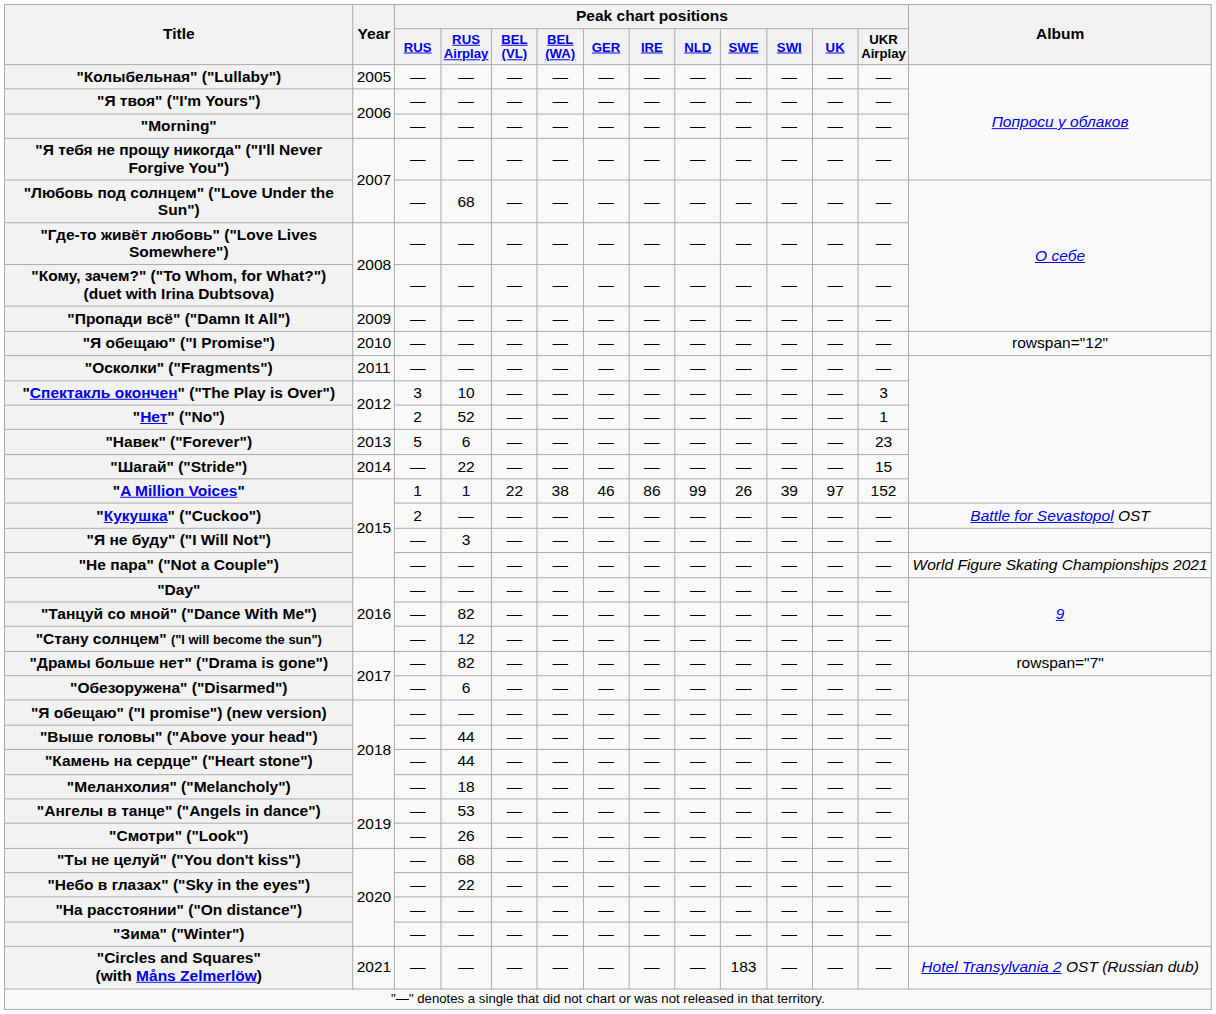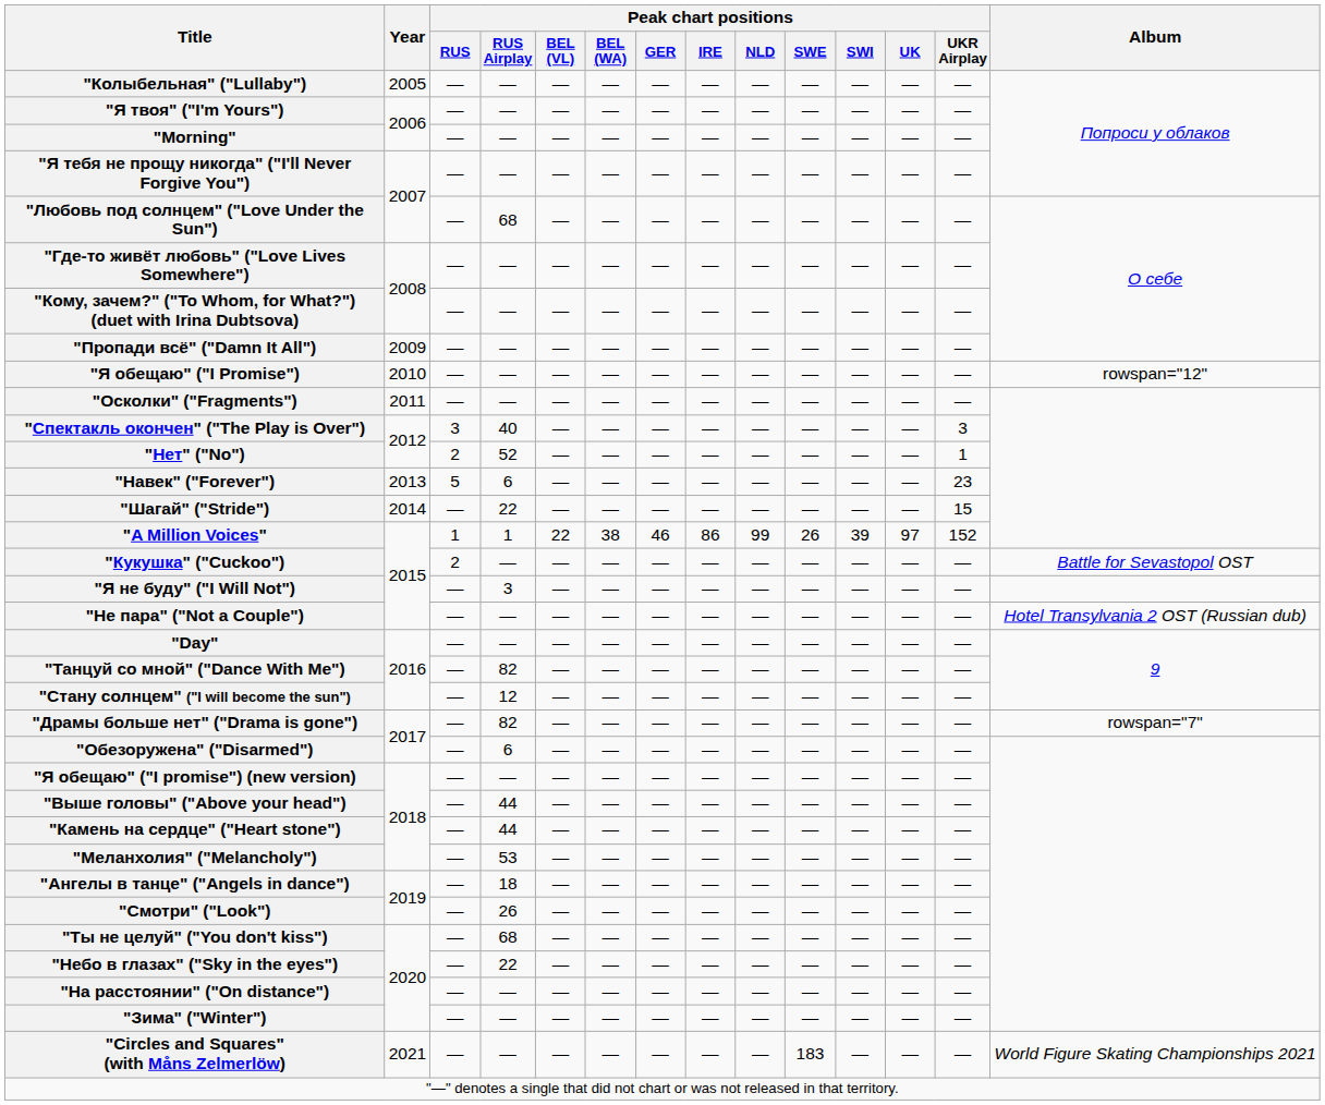 <table class="wikitable plainrowheaders" style="text-align:center;">
 <tr>
 <th scope="col" rowspan="2" style="width:22em;">Title</th>
 <th scope="col" rowspan="2" style="width:1em;">Year</th>
 <th scope="col" colspan="11">Peak chart positions</th>
 <th scope="col" rowspan="2">Album</th>
 </tr>
 <tr>
 <th scope="col" style="width:3em;font-size:85%;"><a href='#'>RUS</a></th>
 <th scope="col" style="width:3em;font-size:85%;"><a href='#'>RUS Airplay</a><br></th>
 <th scope="col" style="width:3em;font-size:85%;"><a href='#'>BEL<br>(VL)</a><br></th>
 <th scope="col" style="width:3em;font-size:85%;"><a href='#'>BEL<br>(WA)</a><br></th>
 <th scope="col" style="width:3em;font-size:85%;"><a href='#'>GER</a><br></th>
 <th scope="col" style="width:3em;font-size:85%;"><a href='#'>IRE</a><br></th>
 <th scope="col" style="width:3em;font-size:85%;"><a href='#'>NLD</a><br></th>
 <th scope="col" style="width:3em;font-size:85%;"><a href='#'>SWE</a><br></th>
 <th scope="col" style="width:3em;font-size:85%;"><a href='#'>SWI</a><br></th>
 <th scope="col" style="width:3em;font-size:85%;"><a href='#'>UK</a><br></th>
 <th scope="col" style="width:3em;font-size:85%;">UKR Airplay<br></th>
 </tr>
 <tr>
 <th scope="row">"Колыбельная" <span>("Lullaby")</span></th>
 <td>2005</td>
 <td>—</td>
 <td>—</td>
 <td>—</td>
 <td>—</td>
 <td>—</td>
 <td>—</td>
 <td>—</td>
 <td>—</td>
 <td>—</td>
 <td>—</td>
 <td>—</td>
 <td rowspan="4"><em><a href='#'>Попроси у облаков</a></em></td>
 </tr>
 <tr>
 <th scope="row">"Я твоя" <span>("I'm Yours")</span></th>
 <td rowspan="2">2006</td>
 <td>—</td>
 <td>—</td>
 <td>—</td>
 <td>—</td>
 <td>—</td>
 <td>—</td>
 <td>—</td>
 <td>—</td>
 <td>—</td>
 <td>—</td>
 <td>—</td>
 </tr>
 <tr>
 <th scope="row">"Morning"</th>
 <td>—</td>
 <td>—</td>
 <td>—</td>
 <td>—</td>
 <td>—</td>
 <td>—</td>
 <td>—</td>
 <td>—</td>
 <td>—</td>
 <td>—</td>
 <td>—</td>
 </tr>
 <tr>
 <th scope="row">"Я тебя не прощу никогда" <span>("I'll Never Forgive You")</span></th>
 <td rowspan="2">2007</td>
 <td>—</td>
 <td>—</td>
 <td>—</td>
 <td>—</td>
 <td>—</td>
 <td>—</td>
 <td>—</td>
 <td>—</td>
 <td>—</td>
 <td>—</td>
 <td>—</td>
 </tr>
 <tr>
 <th scope="row">"Любовь под солнцем" <span>("Love Under the Sun")</span></th>
 <td>—</td>
 <td>68</td>
 <td>—</td>
 <td>—</td>
 <td>—</td>
 <td>—</td>
 <td>—</td>
 <td>—</td>
 <td>—</td>
 <td>—</td>
 <td>—</td>
 <td rowspan="4"><em><a href='#'>О себе</a></em></td>
 </tr>
 <tr>
 <th scope="row">"Где-то живёт любовь" <span>("Love Lives Somewhere")</span></th>
 <td rowspan="2">2008</td>
 <td>—</td>
 <td>—</td>
 <td>—</td>
 <td>—</td>
 <td>—</td>
 <td>—</td>
 <td>—</td>
 <td>—</td>
 <td>—</td>
 <td>—</td>
 <td>—</td>
 </tr>
 <tr>
 <th scope="row">"Кому, зачем?" <span>("To Whom, for What?")</span><br><span>(duet with Irina Dubtsova)</span></th>
 <td>—</td>
 <td>—</td>
 <td>—</td>
 <td>—</td>
 <td>—</td>
 <td>—</td>
 <td>—</td>
 <td>—</td>
 <td>—</td>
 <td>—</td>
 <td>—</td>
 </tr>
 <tr>
 <th scope="row">"Пропади всё" <span>("Damn It All")</span></th>
 <td>2009</td>
 <td>—</td>
 <td>—</td>
 <td>—</td>
 <td>—</td>
 <td>—</td>
 <td>—</td>
 <td>—</td>
 <td>—</td>
 <td>—</td>
 <td>—</td>
 <td>—</td>
 </tr>
 <tr>
 <th scope="row">"Я обещаю" <span>("I Promise")</span></th>
 <td>2010</td>
 <td>—</td>
 <td>—</td>
 <td>—</td>
 <td>—</td>
 <td>—</td>
 <td>—</td>
 <td>—</td>
 <td>—</td>
 <td>—</td>
 <td>—</td>
 <td>—</td>
 <td>rowspan="12" </td>
 </tr>
 <tr>
 <th scope="row">"Осколки" <span>("Fragments")</span></th>
 <td>2011</td>
 <td>—</td>
 <td>—</td>
 <td>—</td>
 <td>—</td>
 <td>—</td>
 <td>—</td>
 <td>—</td>
 <td>—</td>
 <td>—</td>
 <td>—</td>
 <td>—</td>
 </tr>
 <tr>
 <th scope="row">"<a href='#'>Спектакль окончен</a>" <span>("The Play is Over")</span></th>
 <td rowspan="2">2012</td>
 <td>3</td>
-<td>10</td>
+<td>40</td>
 <td>—</td>
 <td>—</td>
 <td>—</td>
 <td>—</td>
 <td>—</td>
 <td>—</td>
 <td>—</td>
 <td>—</td>
 <td>3</td>
 </tr>
 <tr>
 <th scope="row">"<a href='#'>Нет</a>" <span>("No")</span></th>
 <td>2</td>
 <td>52</td>
 <td>—</td>
 <td>—</td>
 <td>—</td>
 <td>—</td>
 <td>—</td>
 <td>—</td>
 <td>—</td>
 <td>—</td>
 <td>1</td>
 </tr>
 <tr>
 <th scope="row">"Навек" <span>("Forever")</span></th>
 <td>2013</td>
 <td>5</td>
 <td>6</td>
 <td>—</td>
 <td>—</td>
 <td>—</td>
 <td>—</td>
 <td>—</td>
 <td>—</td>
 <td>—</td>
 <td>—</td>
 <td>23</td>
 </tr>
 <tr>
 <th scope="row">"Шагай" <span>("Stride")</span></th>
 <td>2014</td>
 <td>—</td>
 <td>22</td>
 <td>—</td>
 <td>—</td>
 <td>—</td>
 <td>—</td>
 <td>—</td>
 <td>—</td>
 <td>—</td>
 <td>—</td>
 <td>15</td>
 </tr>
 <tr>
 <th scope="row">"<a href='#'>A Million Voices</a>"</th>
 <td rowspan="4">2015</td>
 <td>1</td>
 <td>1</td>
 <td>22</td>
 <td>38</td>
 <td>46</td>
 <td>86</td>
 <td>99</td>
 <td>26</td>
 <td>39</td>
 <td>97</td>
 <td>152</td>
 </tr>
 <tr>
 <th scope="row">"<a href='#'>Кукушка</a>" <span>("Cuckoo")</span></th>
 <td>2</td>
 <td>—</td>
 <td>—</td>
 <td>—</td>
 <td>—</td>
 <td>—</td>
 <td>—</td>
 <td>—</td>
 <td>—</td>
 <td>—</td>
 <td>—</td>
 <td><em><a href='#'>Battle for Sevastopol</a> OST</em></td>
 </tr>
 <tr>
 <th scope="row">"Я не буду" <span>("I Will Not")</span></th>
 <td>—</td>
 <td>3</td>
 <td>—</td>
 <td>—</td>
 <td>—</td>
 <td>—</td>
 <td>—</td>
 <td>—</td>
 <td>—</td>
 <td>—</td>
 <td>—</td>
 <td></td>
 </tr>
 <tr>
 <th scope="row">"Не пара" <span>("Not a Couple")</span></th>
 <td>—</td>
 <td>—</td>
 <td>—</td>
 <td>—</td>
 <td>—</td>
 <td>—</td>
 <td>—</td>
 <td>—</td>
 <td>—</td>
 <td>—</td>
 <td>—</td>
-<td><em>World Figure Skating Championships 2021</em></td>
+<td><em><a href='#'>Hotel Transylvania 2</a> OST (Russian dub)</em></td>
 </tr>
 <tr>
 <th scope="row">"Day"</th>
 <td rowspan="3">2016</td>
 <td>—</td>
 <td>—</td>
 <td>—</td>
 <td>—</td>
 <td>—</td>
 <td>—</td>
 <td>—</td>
 <td>—</td>
 <td>—</td>
 <td>—</td>
 <td>—</td>
 <td rowspan="3"><em><a href='#'>9</a></em></td>
 </tr>
 <tr>
 <th scope="row">"Танцуй со мной" <span>("Dance With Me")</span></th>
 <td>—</td>
 <td>82</td>
 <td>—</td>
 <td>—</td>
 <td>—</td>
 <td>—</td>
 <td>—</td>
 <td>—</td>
 <td>—</td>
 <td>—</td>
 <td>—</td>
 </tr>
 <tr>
 <th scope="row">"Стану солнцем" <small>("I will become the sun")</small></th>
 <td>—</td>
 <td>12</td>
 <td>—</td>
 <td>—</td>
 <td>—</td>
 <td>—</td>
 <td>—</td>
 <td>—</td>
 <td>—</td>
 <td>—</td>
 <td>—</td>
 </tr>
 <tr>
 <th scope="row">"Драмы больше нет" <span>("Drama is gone")</span></th>
 <td rowspan="2">2017</td>
 <td>—</td>
 <td>82</td>
 <td>—</td>
 <td>—</td>
 <td>—</td>
 <td>—</td>
 <td>—</td>
 <td>—</td>
 <td>—</td>
 <td>—</td>
 <td>—</td>
 <td>rowspan="7" </td>
 </tr>
 <tr>
 <th scope="row">"Обезоружена" <span>("Disarmed")</span></th>
 <td>—</td>
 <td>6</td>
 <td>—</td>
 <td>—</td>
 <td>—</td>
 <td>—</td>
 <td>—</td>
 <td>—</td>
 <td>—</td>
 <td>—</td>
 <td>—</td>
 </tr>
 <tr>
 <th scope="row">"Я обещаю" <span>("I promise") (new version)</span></th>
 <td rowspan="4">2018</td>
 <td>—</td>
 <td>—</td>
 <td>—</td>
 <td>—</td>
 <td>—</td>
 <td>—</td>
 <td>—</td>
 <td>—</td>
 <td>—</td>
 <td>—</td>
 <td>—</td>
 </tr>
 <tr>
 <th scope="row">"Выше головы" <span>("Above your head")</span></th>
 <td>—</td>
 <td>44</td>
 <td>—</td>
 <td>—</td>
 <td>—</td>
 <td>—</td>
 <td>—</td>
 <td>—</td>
 <td>—</td>
 <td>—</td>
 <td>—</td>
 </tr>
 <tr>
 <th scope="row">"Камень на сердце" <span>("Heart stone")</span></th>
 <td>—</td>
 <td>44</td>
 <td>—</td>
 <td>—</td>
 <td>—</td>
 <td>—</td>
 <td>—</td>
 <td>—</td>
 <td>—</td>
 <td>—</td>
 <td>—</td>
 </tr>
 <tr>
 <th scope="row">"Меланхолия" <span>("Melancholy")</span></th>
 <td>—</td>
-<td>18</td>
+<td>53</td>
 <td>—</td>
 <td>—</td>
 <td>—</td>
 <td>—</td>
 <td>—</td>
 <td>—</td>
 <td>—</td>
 <td>—</td>
 <td>—</td>
 </tr>
 <tr>
 <th scope="row">"Ангелы в танце" <span>("Angels in dance")</span></th>
 <td rowspan="2">2019</td>
 <td>—</td>
-<td>53</td>
+<td>18</td>
 <td>—</td>
 <td>—</td>
 <td>—</td>
 <td>—</td>
 <td>—</td>
 <td>—</td>
 <td>—</td>
 <td>—</td>
 <td>—</td>
 </tr>
 <tr>
 <th scope="row">"Смотри" <span>("Look")</span></th>
 <td>—</td>
 <td>26</td>
 <td>—</td>
 <td>—</td>
 <td>—</td>
 <td>—</td>
 <td>—</td>
 <td>—</td>
 <td>—</td>
 <td>—</td>
 <td>—</td>
 </tr>
 <tr>
 <th scope="row">"Ты не целуй" <span>("You don't kiss")</span></th>
 <td rowspan="4">2020</td>
 <td>—</td>
 <td>68</td>
 <td>—</td>
 <td>—</td>
 <td>—</td>
 <td>—</td>
 <td>—</td>
 <td>—</td>
 <td>—</td>
 <td>—</td>
 <td>—</td>
 </tr>
 <tr>
 <th scope="row">"Небо в глазах" <span>("Sky in the eyes")</span></th>
 <td>—</td>
 <td>22</td>
 <td>—</td>
 <td>—</td>
 <td>—</td>
 <td>—</td>
 <td>—</td>
 <td>—</td>
 <td>—</td>
 <td>—</td>
 <td>—</td>
 </tr>
 <tr>
 <th scope="row">"На расстоянии" <span>("On distance")</span></th>
 <td>—</td>
 <td>—</td>
 <td>—</td>
 <td>—</td>
 <td>—</td>
 <td>—</td>
 <td>—</td>
 <td>—</td>
 <td>—</td>
 <td>—</td>
 <td>—</td>
 </tr>
 <tr>
 <th scope="row">"Зима" <span>("Winter")</span></th>
 <td>—</td>
 <td>—</td>
 <td>—</td>
 <td>—</td>
 <td>—</td>
 <td>—</td>
 <td>—</td>
 <td>—</td>
 <td>—</td>
 <td>—</td>
 <td>—</td>
 </tr>
 <tr>
 <th scope="row">"Circles and Squares"<br><span>(with <a href='#'>Måns Zelmerlöw</a>)</span></th>
 <td>2021</td>
 <td>—</td>
 <td>—</td>
 <td>—</td>
 <td>—</td>
 <td>—</td>
 <td>—</td>
 <td>—</td>
 <td>183</td>
 <td>—</td>
 <td>—</td>
 <td>—</td>
-<td><em><a href='#'>Hotel Transylvania 2</a> OST (Russian dub)</em></td>
+<td><em>World Figure Skating Championships 2021</em></td>
 </tr>
 <tr>
 <td colspan="18" style="font-size:85%">"—" denotes a single that did not chart or was not released in that territory.</td>
 </tr>
 </table>
